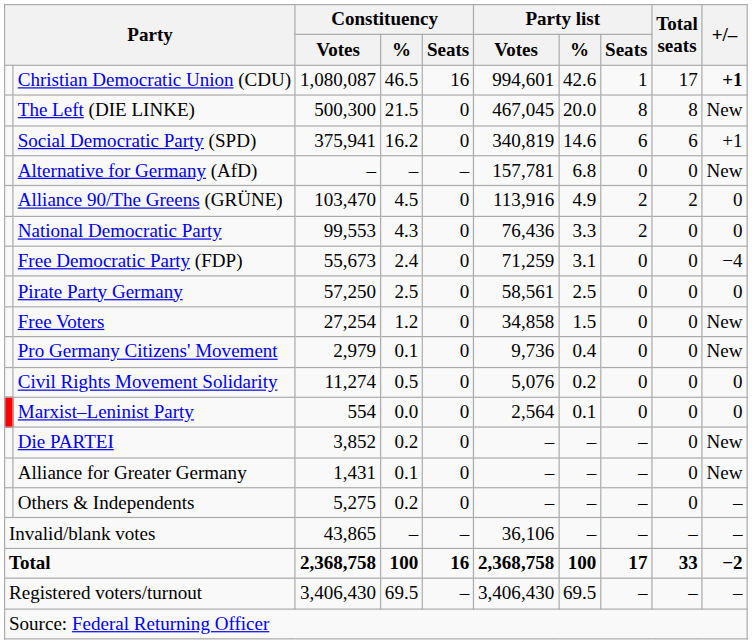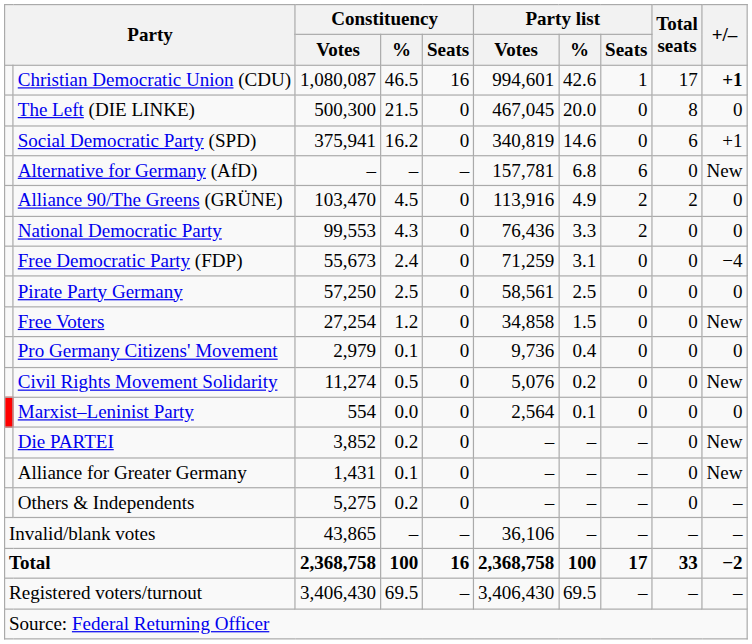 <table class="wikitable" style="text-align:right">
 <tr>
 <th colspan="2" rowspan="2">Party</th>
 <th colspan="3">Constituency</th>
 <th colspan="3">Party list</th>
 <th rowspan="2">Total<br>seats</th>
 <th rowspan="2">+/–</th>
 </tr>
 <tr>
 <th>Votes</th>
 <th>%</th>
 <th>Seats</th>
 <th>Votes</th>
 <th>%</th>
 <th>Seats</th>
 </tr>
 <tr>
 <td></td>
 <td align="left"><a href='#'>Christian Democratic Union</a> (CDU)</td>
 <td>1,080,087</td>
 <td>46.5</td>
 <td>16</td>
 <td>994,601</td>
 <td>42.6</td>
 <td>1</td>
 <td>17</td>
 <td><strong>+1</strong></td>
 </tr>
 <tr>
 <td></td>
 <td align="left"><a href='#'>The Left</a> (DIE LINKE)</td>
 <td>500,300</td>
 <td>21.5</td>
 <td>0</td>
 <td>467,045</td>
 <td>20.0</td>
+<td>0</td>
 <td>8</td>
-<td>8</td>
-<td>New</td>
+<td>0</td>
 </tr>
 <tr>
 <td></td>
 <td align="left"><a href='#'>Social Democratic Party</a> (SPD)</td>
 <td>375,941</td>
 <td>16.2</td>
 <td>0</td>
 <td>340,819</td>
 <td>14.6</td>
-<td>6</td>
+<td>0</td>
 <td>6</td>
 <td>+1</td>
 </tr>
 <tr>
 <td></td>
 <td align="left"><a href='#'>Alternative for Germany</a> (AfD)</td>
 <td>–</td>
 <td>–</td>
 <td>–</td>
 <td>157,781</td>
 <td>6.8</td>
-<td>0</td>
+<td>6</td>
 <td>0</td>
 <td>New</td>
 </tr>
 <tr>
 <td></td>
 <td align="left"><a href='#'>Alliance 90/The Greens</a> (GRÜNE)</td>
 <td>103,470</td>
 <td>4.5</td>
 <td>0</td>
 <td>113,916</td>
 <td>4.9</td>
 <td>2</td>
 <td>2</td>
 <td>0</td>
 </tr>
 <tr>
 <td style="background-color:"></td>
 <td align="left"><a href='#'>National Democratic Party</a></td>
 <td>99,553</td>
 <td>4.3</td>
 <td>0</td>
 <td>76,436</td>
 <td>3.3</td>
 <td>2</td>
 <td>0</td>
 <td>0</td>
 </tr>
 <tr>
 <td></td>
 <td align="left"><a href='#'>Free Democratic Party</a> (FDP)</td>
 <td>55,673</td>
 <td>2.4</td>
 <td>0</td>
 <td>71,259</td>
 <td>3.1</td>
 <td>0</td>
 <td>0</td>
 <td>−4</td>
 </tr>
 <tr>
 <td style="background-color:"></td>
 <td align="left"><a href='#'>Pirate Party Germany</a></td>
 <td>57,250</td>
 <td>2.5</td>
 <td>0</td>
 <td>58,561</td>
 <td>2.5</td>
 <td>0</td>
 <td>0</td>
 <td>0</td>
 </tr>
 <tr>
 <td style="background-color:"></td>
 <td align="left"><a href='#'>Free Voters</a></td>
 <td>27,254</td>
 <td>1.2</td>
 <td>0</td>
 <td>34,858</td>
 <td>1.5</td>
 <td>0</td>
 <td>0</td>
 <td>New</td>
 </tr>
 <tr>
 <td></td>
 <td align="left"><a href='#'>Pro Germany Citizens' Movement</a></td>
 <td>2,979</td>
 <td>0.1</td>
 <td>0</td>
 <td>9,736</td>
 <td>0.4</td>
 <td>0</td>
 <td>0</td>
-<td>New</td>
+<td>0</td>
 </tr>
 <tr>
 <td></td>
 <td align="left"><a href='#'>Civil Rights Movement Solidarity</a></td>
 <td>11,274</td>
 <td>0.5</td>
 <td>0</td>
 <td>5,076</td>
 <td>0.2</td>
 <td>0</td>
 <td>0</td>
-<td>0</td>
+<td>New</td>
 </tr>
 <tr>
 <td style="background-color:red"></td>
 <td align="left"><a href='#'>Marxist–Leninist Party</a></td>
 <td>554</td>
 <td>0.0</td>
 <td>0</td>
 <td>2,564</td>
 <td>0.1</td>
 <td>0</td>
 <td>0</td>
 <td>0</td>
 </tr>
 <tr>
 <td style="background-color:"></td>
 <td align="left"><a href='#'>Die PARTEI</a></td>
 <td>3,852</td>
 <td>0.2</td>
 <td>0</td>
 <td>–</td>
 <td>–</td>
 <td>–</td>
 <td>0</td>
 <td>New</td>
 </tr>
 <tr>
 <td></td>
 <td align="left">Alliance for Greater Germany</td>
 <td>1,431</td>
 <td>0.1</td>
 <td>0</td>
 <td>–</td>
 <td>–</td>
 <td>–</td>
 <td>0</td>
 <td>New</td>
 </tr>
 <tr>
 <td></td>
 <td align="left">Others & Independents</td>
 <td>5,275</td>
 <td>0.2</td>
 <td>0</td>
 <td>–</td>
 <td>–</td>
 <td>–</td>
 <td>0</td>
 <td>–</td>
 </tr>
 <tr>
 <td colspan="2" align="left">Invalid/blank votes</td>
 <td>43,865</td>
 <td>–</td>
 <td>–</td>
 <td>36,106</td>
 <td>–</td>
 <td>–</td>
 <td>–</td>
 <td>–</td>
 </tr>
 <tr>
 <td colspan="2" align="left"><strong>Total</strong></td>
 <td><strong>2,368,758</strong></td>
 <td><strong>100</strong></td>
 <td><strong>16</strong></td>
 <td><strong>2,368,758</strong></td>
 <td><strong>100</strong></td>
 <td><strong>17</strong></td>
 <td><strong>33</strong></td>
 <td><strong>−2</strong></td>
 </tr>
 <tr>
 <td colspan="2" align="left">Registered voters/turnout</td>
 <td>3,406,430</td>
 <td>69.5</td>
 <td>–</td>
 <td>3,406,430</td>
 <td>69.5</td>
 <td>–</td>
 <td>–</td>
 <td>–</td>
 </tr>
 <tr>
 <td colspan="10" align="left">Source: <a href='#'>Federal Returning Officer</a></td>
 </tr>
 </table>
